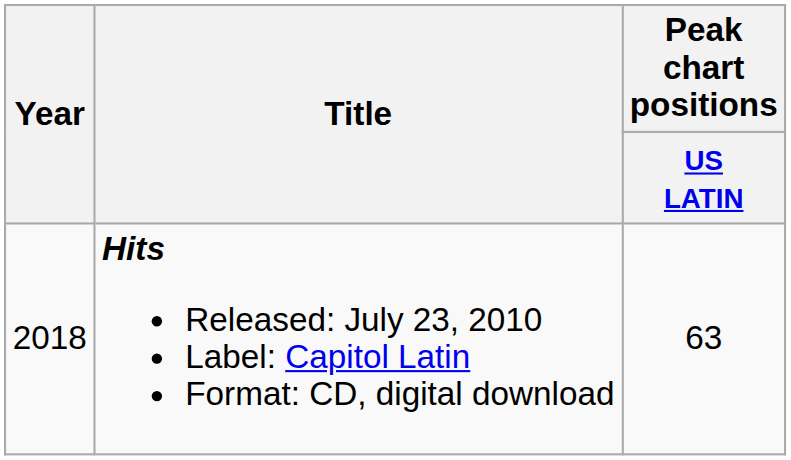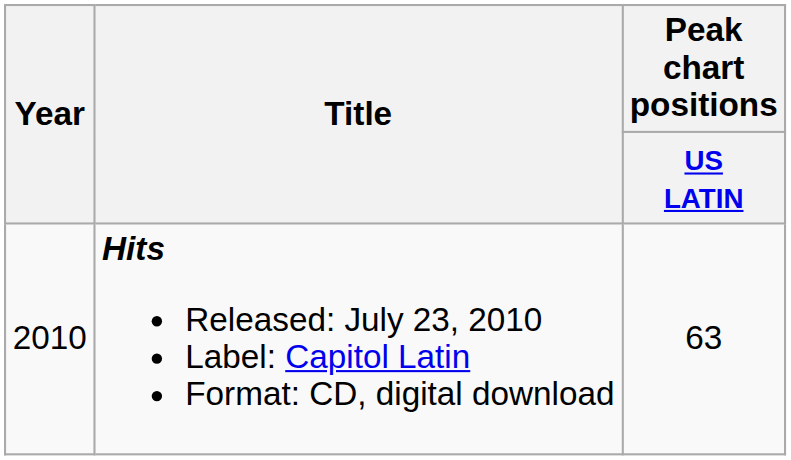 <table class="wikitable">
 <tr>
 <th align="center" rowspan="2">Year</th>
 <th align="center" rowspan="2">Title</th>
 <th colspan="1">Peak chart positions</th>
 </tr>
 <tr>
 <th width="30"><small><a href='#'>US<br>LATIN</a></small><br></th>
 </tr>
 <tr>
-<td align="center">2018</td>
+<td align="center">2010</td>
 <td><strong><em>Hits</em></strong><br><ul><li>Released: July 23, 2010</li><li>Label: <a href='#'>Capitol Latin</a></li><li>Format: CD, digital download</li></ul></td>
 <td align="center">63</td>
 </tr>
 </table>
